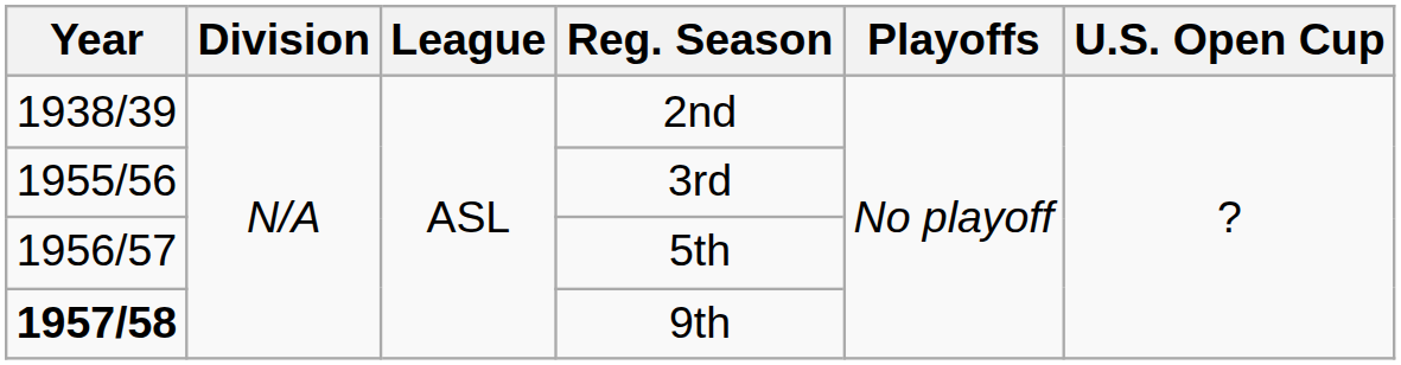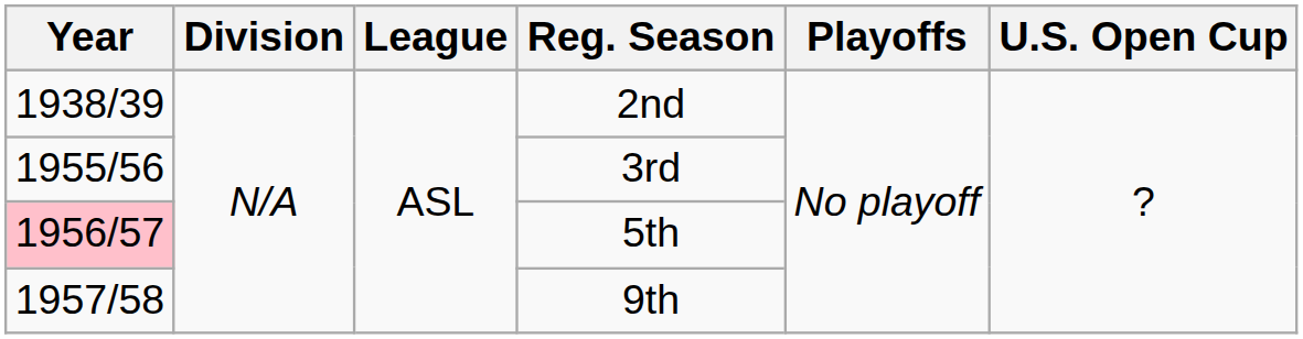 <table class="wikitable" style="text-align:center">
 <tr>
 <th>Year</th>
 <th>Division</th>
 <th>League</th>
 <th>Reg. Season</th>
 <th>Playoffs</th>
 <th>U.S. Open Cup</th>
 </tr>
 <tr>
 <td>1938/39</td>
 <td rowspan=4><em>N/A</em></td>
 <td rowspan=4>ASL</td>
 <td>2nd</td>
 <td rowspan=4><em>No playoff</em></td>
 <td rowspan=4>?</td>
 </tr>
 <tr>
 <td>1955/56</td>
 <td>3rd</td>
 </tr>
 <tr>
-<td>1956/57</td>
+<td style="background: pink;">1956/57</td>
 <td>5th</td>
 </tr>
 <tr>
-<td><strong>1957/58</strong></td>
+<td>1957/58</td>
 <td>9th</td>
 </tr>
 </table>
